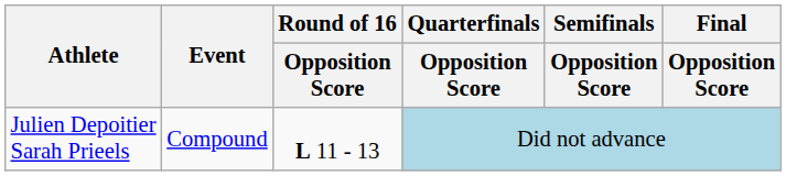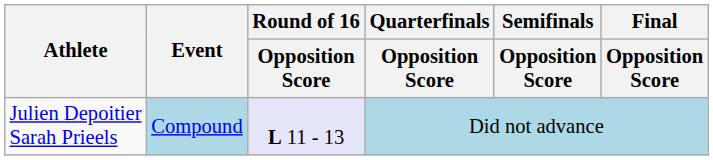 <table class="wikitable" style="font-size:90%">
 <tr>
 <th rowspan=2>Athlete</th>
 <th rowspan=2>Event</th>
 <th>Round of 16</th>
 <th>Quarterfinals</th>
 <th>Semifinals</th>
 <th>Final</th>
 </tr>
 <tr>
 <th>Opposition<br>Score</th>
 <th>Opposition<br>Score</th>
 <th>Opposition<br>Score</th>
 <th>Opposition<br>Score</th>
 </tr>
 <tr>
 <td><a href='#'>Julien Depoitier</a><br><a href='#'>Sarah Prieels</a></td>
-<td><a href='#'>Compound</a></td>
-<td align=center> <br> <strong>L</strong> 11 - 13</td>
+<td style="background: lightblue;"><a href='#'>Compound</a></td>
+<td align=center style="background: lavender;"> <br> <strong>L</strong> 11 - 13</td>
 <td colspan=3 bgcolor=lightblue align=center>Did not advance</td>
 </tr>
 </table>
